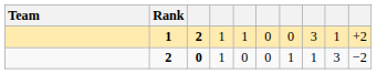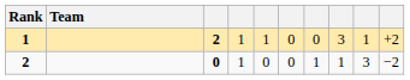 <table class="wikitable" style="text-align:center">
 <tr>
+<th width=30>Rank</th>
 <th width=165 style="text-align:left">Team</th>
-<th width=30>Rank</th>
 <th width=20></th>
 <th width=20></th>
 <th width=20></th>
 <th width=20></th>
 <th width=20></th>
 <th width=20></th>
 <th width=20></th>
 <th width=20></th>
 </tr>
 <tr bgcolor="#ffebad">
+<td><strong>1</strong></td>
 <td align="left"></td>
-<td><strong>1</strong></td>
 <td><strong>2</strong></td>
 <td>1</td>
 <td>1</td>
 <td>0</td>
 <td>0</td>
 <td>3</td>
 <td>1</td>
 <td>+2</td>
 </tr>
 <tr>
+<td><strong>2</strong></td>
 <td align="left"></td>
-<td><strong>2</strong></td>
 <td><strong>0</strong></td>
 <td>1</td>
 <td>0</td>
 <td>0</td>
 <td>1</td>
 <td>1</td>
 <td>3</td>
 <td>−2</td>
 </tr>
 </table>
